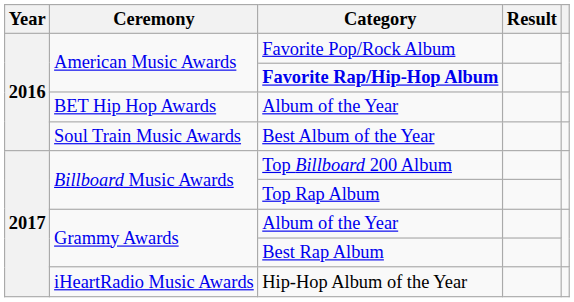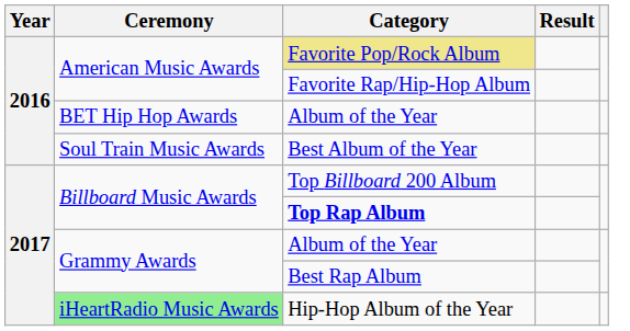 <table class="wikitable sortable plainrowheaders" style="border:none; margin:0;">
 <tr>
 <th scope="col">Year</th>
 <th scope="col">Ceremony</th>
 <th scope="col">Category</th>
 <th scope="col">Result</th>
 <th scope="col" class="unsortable"></th>
 </tr>
 <tr>
 <th scope="row" rowspan="4">2016</th>
 <td rowspan="2"><a href='#'>American Music Awards</a></td>
-<td><a href='#'>Favorite Pop/Rock Album</a></td>
+<td style="background: khaki;"><a href='#'>Favorite Pop/Rock Album</a></td>
 <td></td>
 <td rowspan="2"></td>
 </tr>
 <tr>
-<td><strong><a href='#'>Favorite Rap/Hip-Hop Album</a></strong></td>
+<td><a href='#'>Favorite Rap/Hip-Hop Album</a></td>
 <td></td>
 </tr>
 <tr>
 <td><a href='#'>BET Hip Hop Awards</a></td>
 <td><a href='#'>Album of the Year</a></td>
 <td></td>
 <td></td>
 </tr>
 <tr>
 <td><a href='#'>Soul Train Music Awards</a></td>
 <td><a href='#'>Best Album of the Year</a></td>
 <td></td>
 <td></td>
 </tr>
 <tr>
 <th scope="row" rowspan="5">2017</th>
 <td rowspan="2"><a href='#'><em>Billboard</em> Music Awards</a></td>
 <td><a href='#'>Top <em>Billboard</em> 200 Album</a></td>
 <td></td>
 <td rowspan="2"></td>
 </tr>
 <tr>
-<td><a href='#'>Top Rap Album</a></td>
+<td><strong><a href='#'>Top Rap Album</a></strong></td>
 <td></td>
 </tr>
 <tr>
 <td rowspan="2"><a href='#'>Grammy Awards</a></td>
 <td><a href='#'>Album of the Year</a></td>
 <td></td>
 <td rowspan="2"></td>
 </tr>
 <tr>
 <td><a href='#'>Best Rap Album</a></td>
 <td></td>
 </tr>
 <tr>
-<td><a href='#'>iHeartRadio Music Awards</a></td>
+<td style="background: lightgreen;"><a href='#'>iHeartRadio Music Awards</a></td>
 <td>Hip-Hop Album of the Year</td>
 <td></td>
 <td></td>
 </tr>
 </table>
